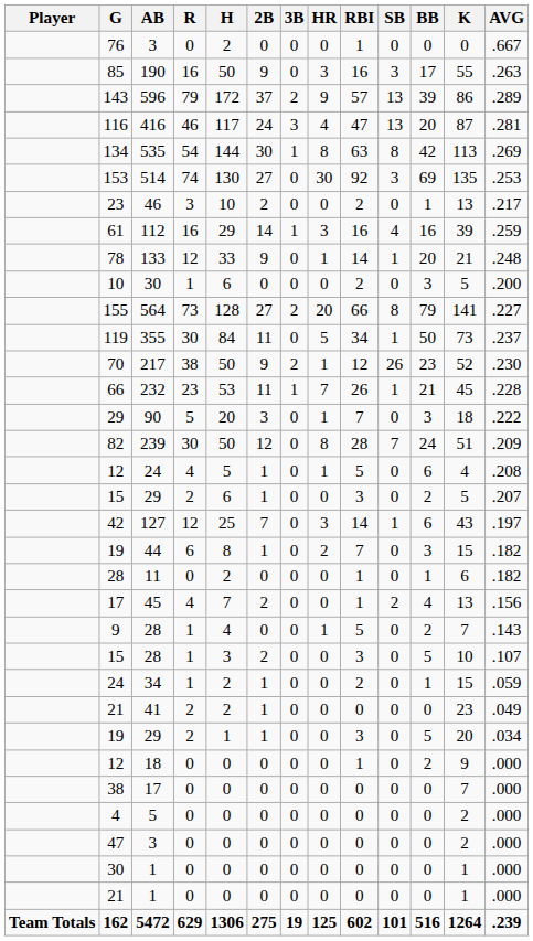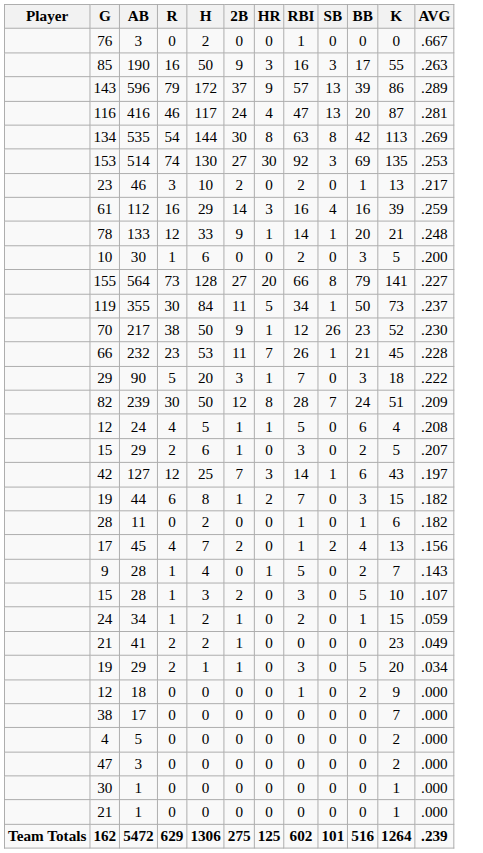 <table class="wikitable sortable">
 <tr>
 <th>Player</th>
 <th>G</th>
 <th>AB</th>
 <th>R</th>
 <th>H</th>
 <th>2B</th>
-<th>3B</th>
 <th>HR</th>
 <th>RBI</th>
 <th>SB</th>
 <th>BB</th>
 <th>K</th>
 <th>AVG</th>
 </tr>
 <tr align=center>
 <td></td>
 <td>76</td>
 <td>3</td>
 <td>0</td>
 <td>2</td>
 <td>0</td>
 <td>0</td>
-<td>0</td>
 <td>1</td>
 <td>0</td>
 <td>0</td>
 <td>0</td>
 <td>.667</td>
 </tr>
 <tr align=center>
 <td></td>
 <td>85</td>
 <td>190</td>
 <td>16</td>
 <td>50</td>
 <td>9</td>
-<td>0</td>
 <td>3</td>
 <td>16</td>
 <td>3</td>
 <td>17</td>
 <td>55</td>
 <td>.263</td>
 </tr>
 <tr align=center>
 <td></td>
 <td>143</td>
 <td>596</td>
 <td>79</td>
 <td>172</td>
 <td>37</td>
-<td>2</td>
 <td>9</td>
 <td>57</td>
 <td>13</td>
 <td>39</td>
 <td>86</td>
 <td>.289</td>
 </tr>
 <tr align=center>
 <td></td>
 <td>116</td>
 <td>416</td>
 <td>46</td>
 <td>117</td>
 <td>24</td>
-<td>3</td>
 <td>4</td>
 <td>47</td>
 <td>13</td>
 <td>20</td>
 <td>87</td>
 <td>.281</td>
 </tr>
 <tr align=center>
 <td></td>
 <td>134</td>
 <td>535</td>
 <td>54</td>
 <td>144</td>
 <td>30</td>
-<td>1</td>
 <td>8</td>
 <td>63</td>
 <td>8</td>
 <td>42</td>
 <td>113</td>
 <td>.269</td>
 </tr>
 <tr align=center>
 <td></td>
 <td>153</td>
 <td>514</td>
 <td>74</td>
 <td>130</td>
 <td>27</td>
-<td>0</td>
 <td>30</td>
 <td>92</td>
 <td>3</td>
 <td>69</td>
 <td>135</td>
 <td>.253</td>
 </tr>
 <tr align=center>
 <td><strong></strong></td>
 <td>23</td>
 <td>46</td>
 <td>3</td>
 <td>10</td>
 <td>2</td>
 <td>0</td>
-<td>0</td>
 <td>2</td>
 <td>0</td>
 <td>1</td>
 <td>13</td>
 <td>.217</td>
 </tr>
 <tr align=center>
 <td></td>
 <td>61</td>
 <td>112</td>
 <td>16</td>
 <td>29</td>
 <td>14</td>
-<td>1</td>
 <td>3</td>
 <td>16</td>
 <td>4</td>
 <td>16</td>
 <td>39</td>
 <td>.259</td>
 </tr>
 <tr align=center>
 <td></td>
 <td>78</td>
 <td>133</td>
 <td>12</td>
 <td>33</td>
 <td>9</td>
-<td>0</td>
 <td>1</td>
 <td>14</td>
 <td>1</td>
 <td>20</td>
 <td>21</td>
 <td>.248</td>
 </tr>
 <tr align=center>
 <td></td>
 <td>10</td>
 <td>30</td>
 <td>1</td>
 <td>6</td>
 <td>0</td>
 <td>0</td>
-<td>0</td>
 <td>2</td>
 <td>0</td>
 <td>3</td>
 <td>5</td>
 <td>.200</td>
 </tr>
 <tr align=center>
 <td></td>
 <td>155</td>
 <td>564</td>
 <td>73</td>
 <td>128</td>
 <td>27</td>
-<td>2</td>
 <td>20</td>
 <td>66</td>
 <td>8</td>
 <td>79</td>
 <td>141</td>
 <td>.227</td>
 </tr>
 <tr align=center>
 <td></td>
 <td>119</td>
 <td>355</td>
 <td>30</td>
 <td>84</td>
 <td>11</td>
-<td>0</td>
 <td>5</td>
 <td>34</td>
 <td>1</td>
 <td>50</td>
 <td>73</td>
 <td>.237</td>
 </tr>
 <tr align=center>
 <td></td>
 <td>70</td>
 <td>217</td>
 <td>38</td>
 <td>50</td>
 <td>9</td>
-<td>2</td>
 <td>1</td>
 <td>12</td>
 <td>26</td>
 <td>23</td>
 <td>52</td>
 <td>.230</td>
 </tr>
 <tr align=center>
 <td></td>
 <td>66</td>
 <td>232</td>
 <td>23</td>
 <td>53</td>
 <td>11</td>
-<td>1</td>
 <td>7</td>
 <td>26</td>
 <td>1</td>
 <td>21</td>
 <td>45</td>
 <td>.228</td>
 </tr>
 <tr align=center>
 <td></td>
 <td>29</td>
 <td>90</td>
 <td>5</td>
 <td>20</td>
 <td>3</td>
-<td>0</td>
 <td>1</td>
 <td>7</td>
 <td>0</td>
 <td>3</td>
 <td>18</td>
 <td>.222</td>
 </tr>
 <tr align=center>
 <td></td>
 <td>82</td>
 <td>239</td>
 <td>30</td>
 <td>50</td>
 <td>12</td>
-<td>0</td>
 <td>8</td>
 <td>28</td>
 <td>7</td>
 <td>24</td>
 <td>51</td>
 <td>.209</td>
 </tr>
 <tr align=center>
 <td></td>
 <td>12</td>
 <td>24</td>
 <td>4</td>
 <td>5</td>
 <td>1</td>
-<td>0</td>
 <td>1</td>
 <td>5</td>
 <td>0</td>
 <td>6</td>
 <td>4</td>
 <td>.208</td>
 </tr>
 <tr align=center>
 <td></td>
 <td>15</td>
 <td>29</td>
 <td>2</td>
 <td>6</td>
 <td>1</td>
 <td>0</td>
-<td>0</td>
 <td>3</td>
 <td>0</td>
 <td>2</td>
 <td>5</td>
 <td>.207</td>
 </tr>
 <tr align=center>
 <td></td>
 <td>42</td>
 <td>127</td>
 <td>12</td>
 <td>25</td>
 <td>7</td>
-<td>0</td>
 <td>3</td>
 <td>14</td>
 <td>1</td>
 <td>6</td>
 <td>43</td>
 <td>.197</td>
 </tr>
 <tr align=center>
 <td></td>
 <td>19</td>
 <td>44</td>
 <td>6</td>
 <td>8</td>
 <td>1</td>
-<td>0</td>
 <td>2</td>
 <td>7</td>
 <td>0</td>
 <td>3</td>
 <td>15</td>
 <td>.182</td>
 </tr>
 <tr align=center>
 <td></td>
 <td>28</td>
 <td>11</td>
 <td>0</td>
 <td>2</td>
-<td>0</td>
 <td>0</td>
 <td>0</td>
 <td>1</td>
 <td>0</td>
 <td>1</td>
 <td>6</td>
 <td>.182</td>
 </tr>
 <tr align=center>
 <td></td>
 <td>17</td>
 <td>45</td>
 <td>4</td>
 <td>7</td>
 <td>2</td>
 <td>0</td>
-<td>0</td>
 <td>1</td>
 <td>2</td>
 <td>4</td>
 <td>13</td>
 <td>.156</td>
 </tr>
 <tr align=center>
 <td></td>
 <td>9</td>
 <td>28</td>
 <td>1</td>
 <td>4</td>
-<td>0</td>
 <td>0</td>
 <td>1</td>
 <td>5</td>
 <td>0</td>
 <td>2</td>
 <td>7</td>
 <td>.143</td>
 </tr>
 <tr align=center>
 <td></td>
 <td>15</td>
 <td>28</td>
 <td>1</td>
 <td>3</td>
 <td>2</td>
 <td>0</td>
-<td>0</td>
 <td>3</td>
 <td>0</td>
 <td>5</td>
 <td>10</td>
 <td>.107</td>
 </tr>
 <tr align=center>
 <td></td>
 <td>24</td>
 <td>34</td>
 <td>1</td>
 <td>2</td>
 <td>1</td>
-<td>0</td>
 <td>0</td>
 <td>2</td>
 <td>0</td>
 <td>1</td>
 <td>15</td>
 <td>.059</td>
 </tr>
 <tr align=center>
 <td></td>
 <td>21</td>
 <td>41</td>
 <td>2</td>
 <td>2</td>
 <td>1</td>
 <td>0</td>
 <td>0</td>
 <td>0</td>
 <td>0</td>
-<td>0</td>
 <td>23</td>
 <td>.049</td>
 </tr>
 <tr align=center>
 <td></td>
 <td>19</td>
 <td>29</td>
 <td>2</td>
 <td>1</td>
 <td>1</td>
 <td>0</td>
-<td>0</td>
 <td>3</td>
 <td>0</td>
 <td>5</td>
 <td>20</td>
 <td>.034</td>
 </tr>
 <tr align=center>
 <td></td>
 <td>12</td>
 <td>18</td>
-<td>0</td>
 <td>0</td>
 <td>0</td>
 <td>0</td>
 <td>0</td>
 <td>1</td>
 <td>0</td>
 <td>2</td>
 <td>9</td>
 <td>.000</td>
 </tr>
 <tr align=center>
 <td></td>
 <td>38</td>
 <td>17</td>
 <td>0</td>
 <td>0</td>
 <td>0</td>
 <td>0</td>
 <td>0</td>
 <td>0</td>
 <td>0</td>
-<td>0</td>
 <td>7</td>
 <td>.000</td>
 </tr>
 <tr align=center>
 <td></td>
 <td>4</td>
 <td>5</td>
-<td>0</td>
 <td>0</td>
 <td>0</td>
 <td>0</td>
 <td>0</td>
 <td>0</td>
 <td>0</td>
 <td>0</td>
 <td>2</td>
 <td>.000</td>
 </tr>
 <tr align=center>
 <td></td>
 <td>47</td>
 <td>3</td>
 <td>0</td>
 <td>0</td>
 <td>0</td>
 <td>0</td>
 <td>0</td>
 <td>0</td>
 <td>0</td>
-<td>0</td>
 <td>2</td>
 <td>.000</td>
 </tr>
 <tr align=center>
 <td></td>
 <td>30</td>
 <td>1</td>
-<td>0</td>
 <td>0</td>
 <td>0</td>
 <td>0</td>
 <td>0</td>
 <td>0</td>
 <td>0</td>
 <td>0</td>
 <td>1</td>
 <td>.000</td>
 </tr>
 <tr align=center>
 <td></td>
 <td>21</td>
 <td>1</td>
 <td>0</td>
 <td>0</td>
 <td>0</td>
 <td>0</td>
 <td>0</td>
 <td>0</td>
 <td>0</td>
-<td>0</td>
 <td>1</td>
 <td>.000</td>
 </tr>
 <tr align=center>
 <td><strong>Team Totals</strong></td>
 <td><strong>162</strong></td>
 <td><strong>5472</strong></td>
 <td><strong>629</strong></td>
 <td><strong>1306</strong></td>
 <td><strong>275</strong></td>
-<td><strong>19</strong></td>
 <td><strong>125</strong></td>
 <td><strong>602</strong></td>
 <td><strong>101</strong></td>
 <td><strong>516</strong></td>
 <td><strong>1264</strong></td>
 <td><strong>.239</strong></td>
 </tr>
 </table>
